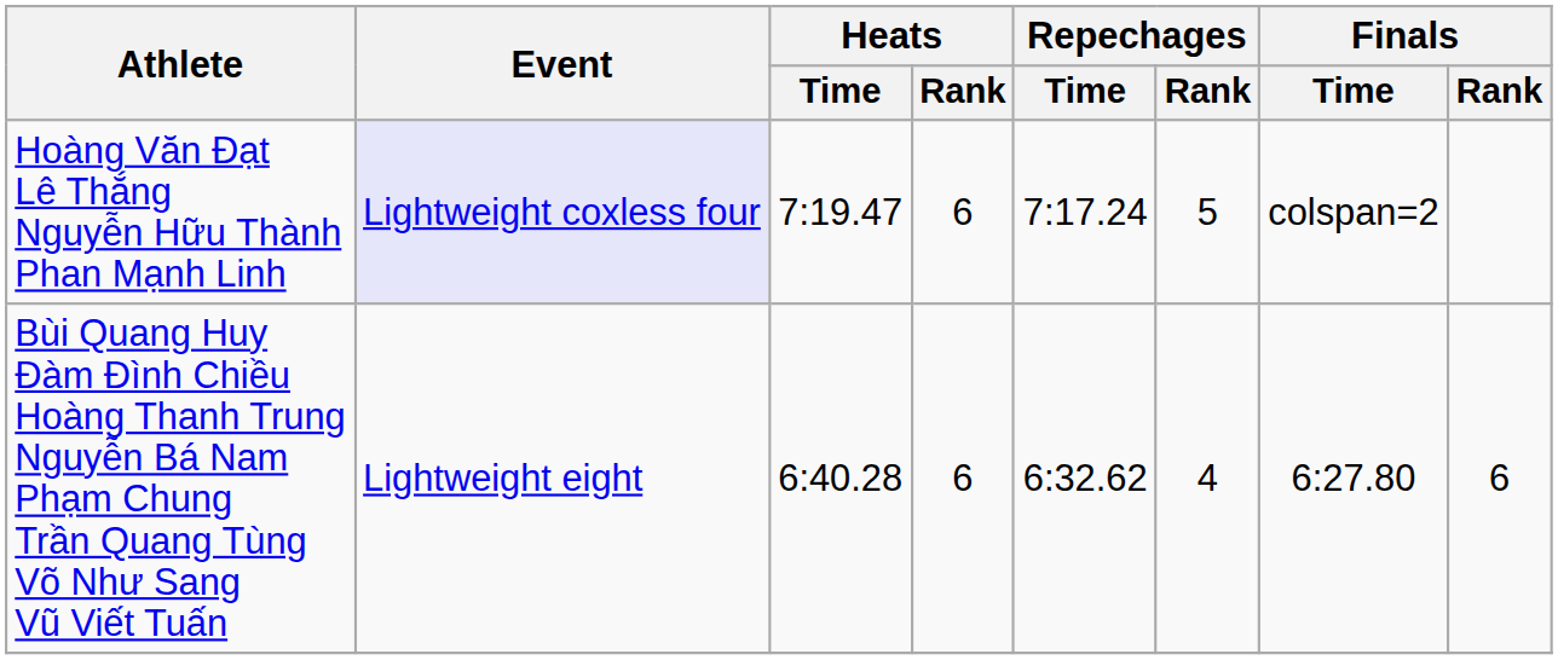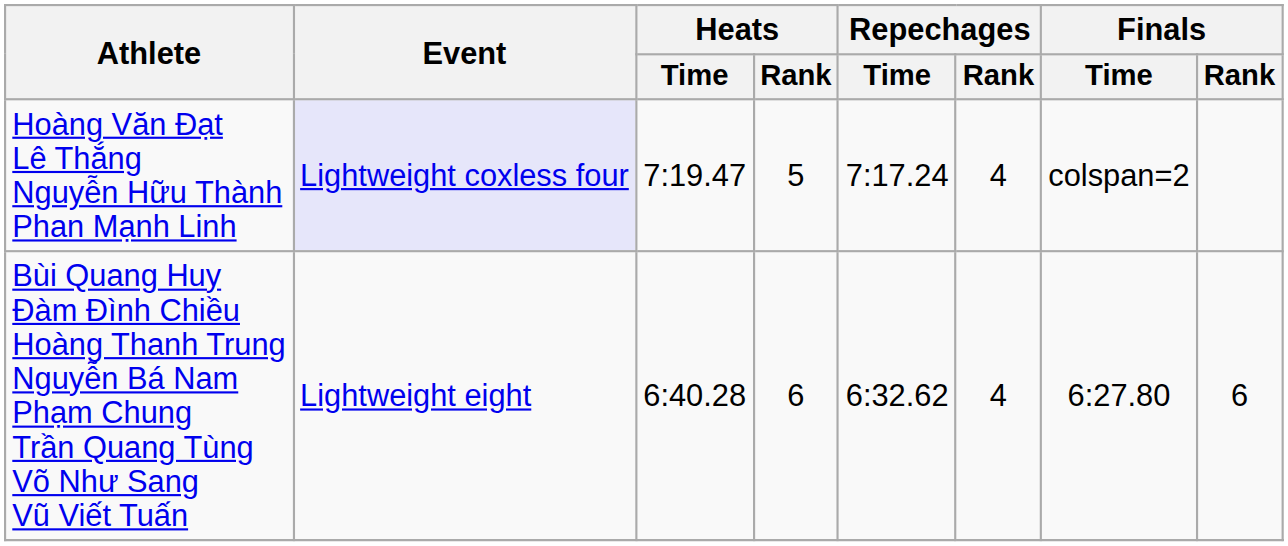 <table class="wikitable" style="font-size:90%">
 <tr>
 <th rowspan="2">Athlete</th>
 <th rowspan="2">Event</th>
 <th colspan="2">Heats</th>
 <th colspan="2">Repechages</th>
 <th colspan="2">Finals</th>
 </tr>
 <tr style="font-size:95%">
 <th>Time</th>
 <th>Rank</th>
 <th>Time</th>
 <th>Rank</th>
 <th>Time</th>
 <th>Rank</th>
 </tr>
 <tr align=center>
 <td align=left><a href='#'>Hoàng Văn Đạt</a><br><a href='#'>Lê Thắng</a><br><a href='#'>Nguyễn Hữu Thành</a><br><a href='#'>Phan Mạnh Linh</a></td>
 <td align=left style="background: lavender;"><a href='#'>Lightweight coxless four</a></td>
 <td>7:19.47</td>
-<td>6 <strong></strong></td>
+<td>5 <strong></strong></td>
 <td>7:17.24 <strong></strong></td>
-<td>5</td>
+<td>4</td>
 <td>colspan=2</td>
 </tr>
 <tr align=center>
 <td align=left><a href='#'>Bùi Quang Huy</a><br><a href='#'>Đàm Đình Chiều</a><br><a href='#'>Hoàng Thanh Trung</a><br><a href='#'>Nguyễn Bá Nam</a><br><a href='#'>Phạm Chung</a><br><a href='#'>Trần Quang Tùng</a><br><a href='#'>Võ Như Sang</a><br><a href='#'>Vũ Viết Tuấn</a></td>
 <td align=left><a href='#'>Lightweight eight</a></td>
 <td>6:40.28</td>
 <td>6 <strong></strong></td>
 <td>6:32.62</td>
 <td>4 <strong></strong></td>
 <td>6:27.80</td>
 <td>6</td>
 </tr>
 <tr align=center>
 </tr>
 </table>
